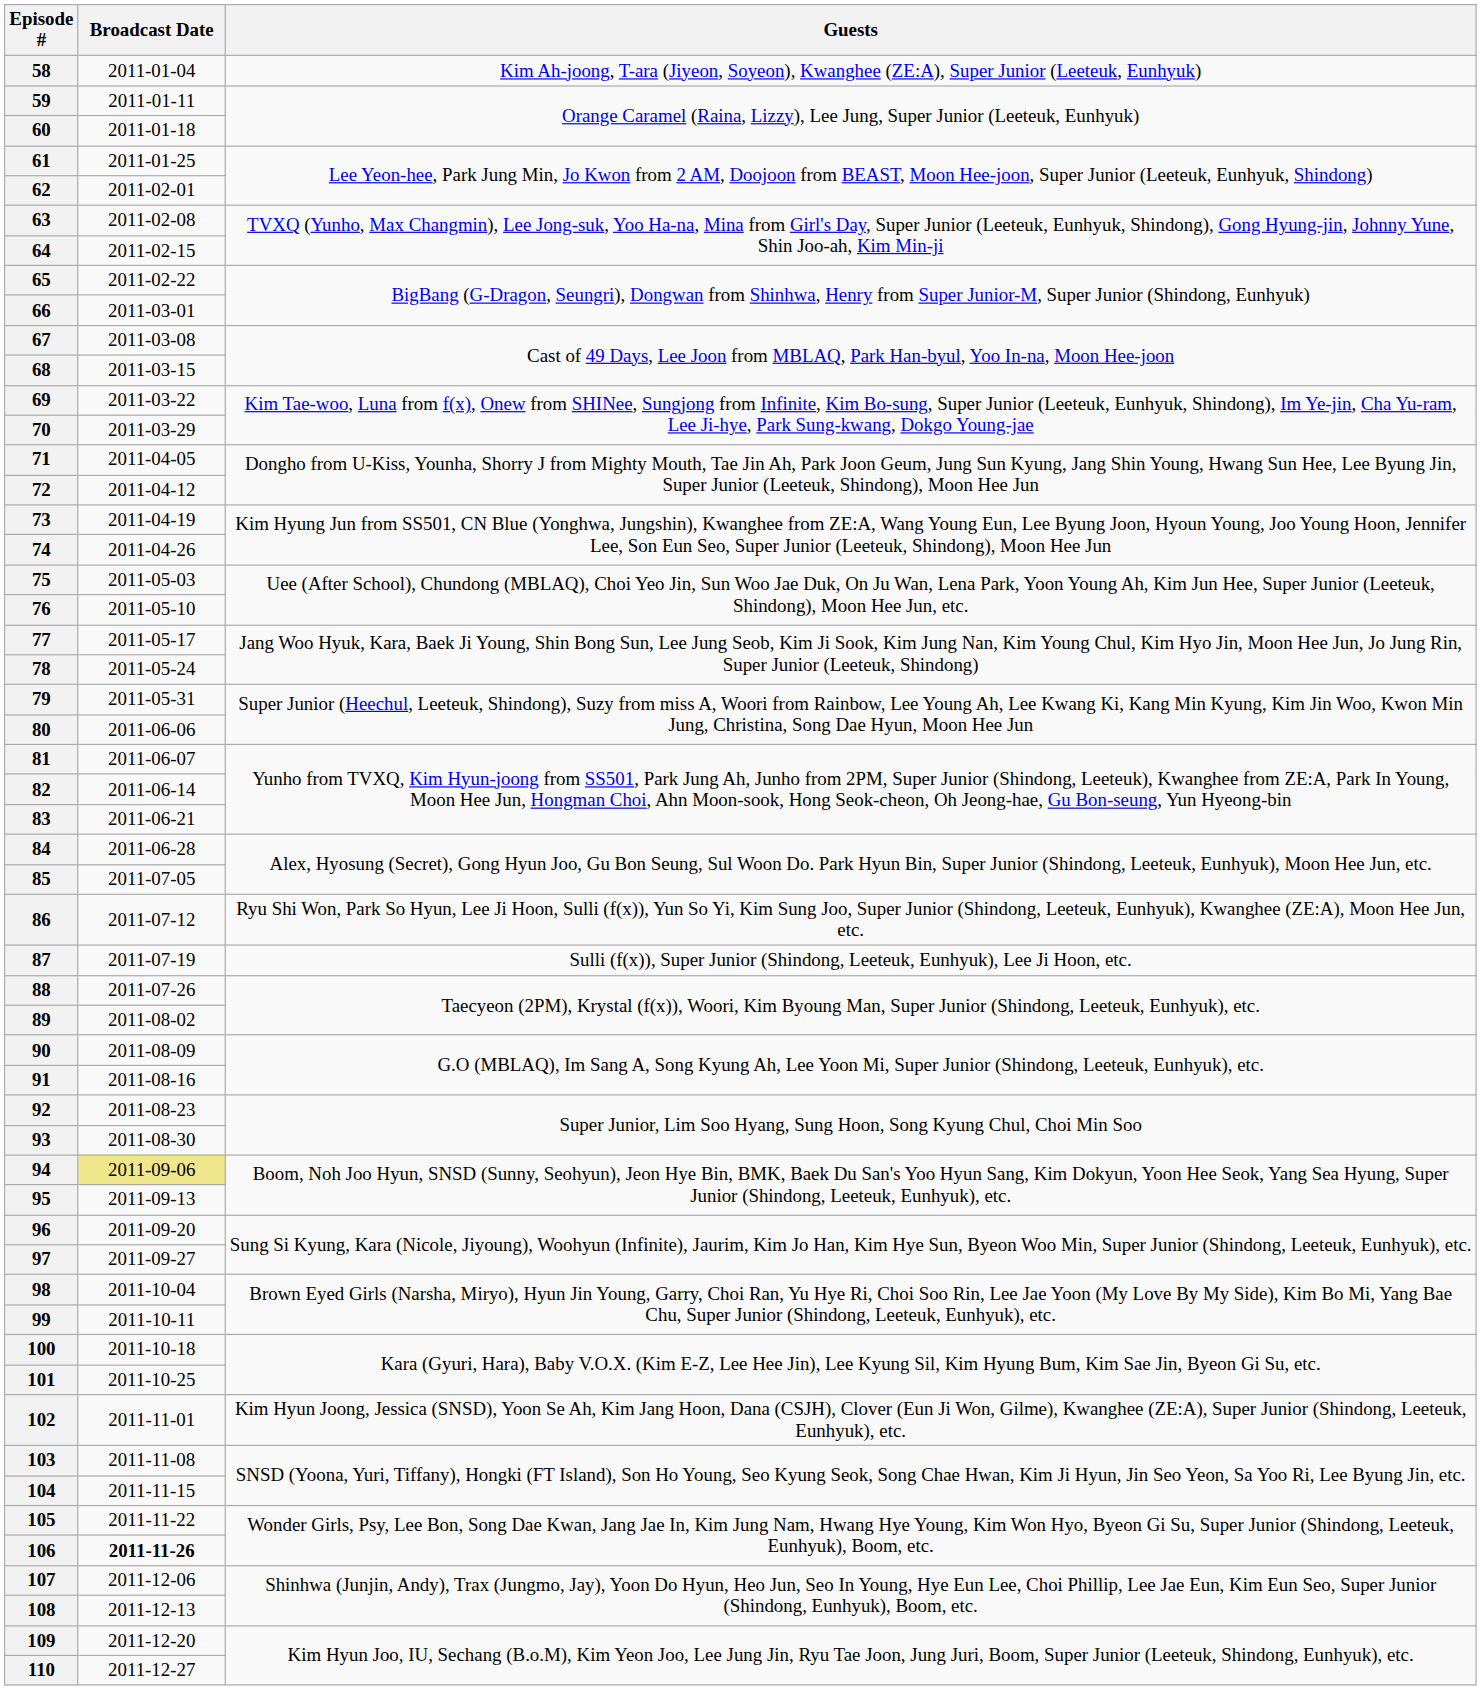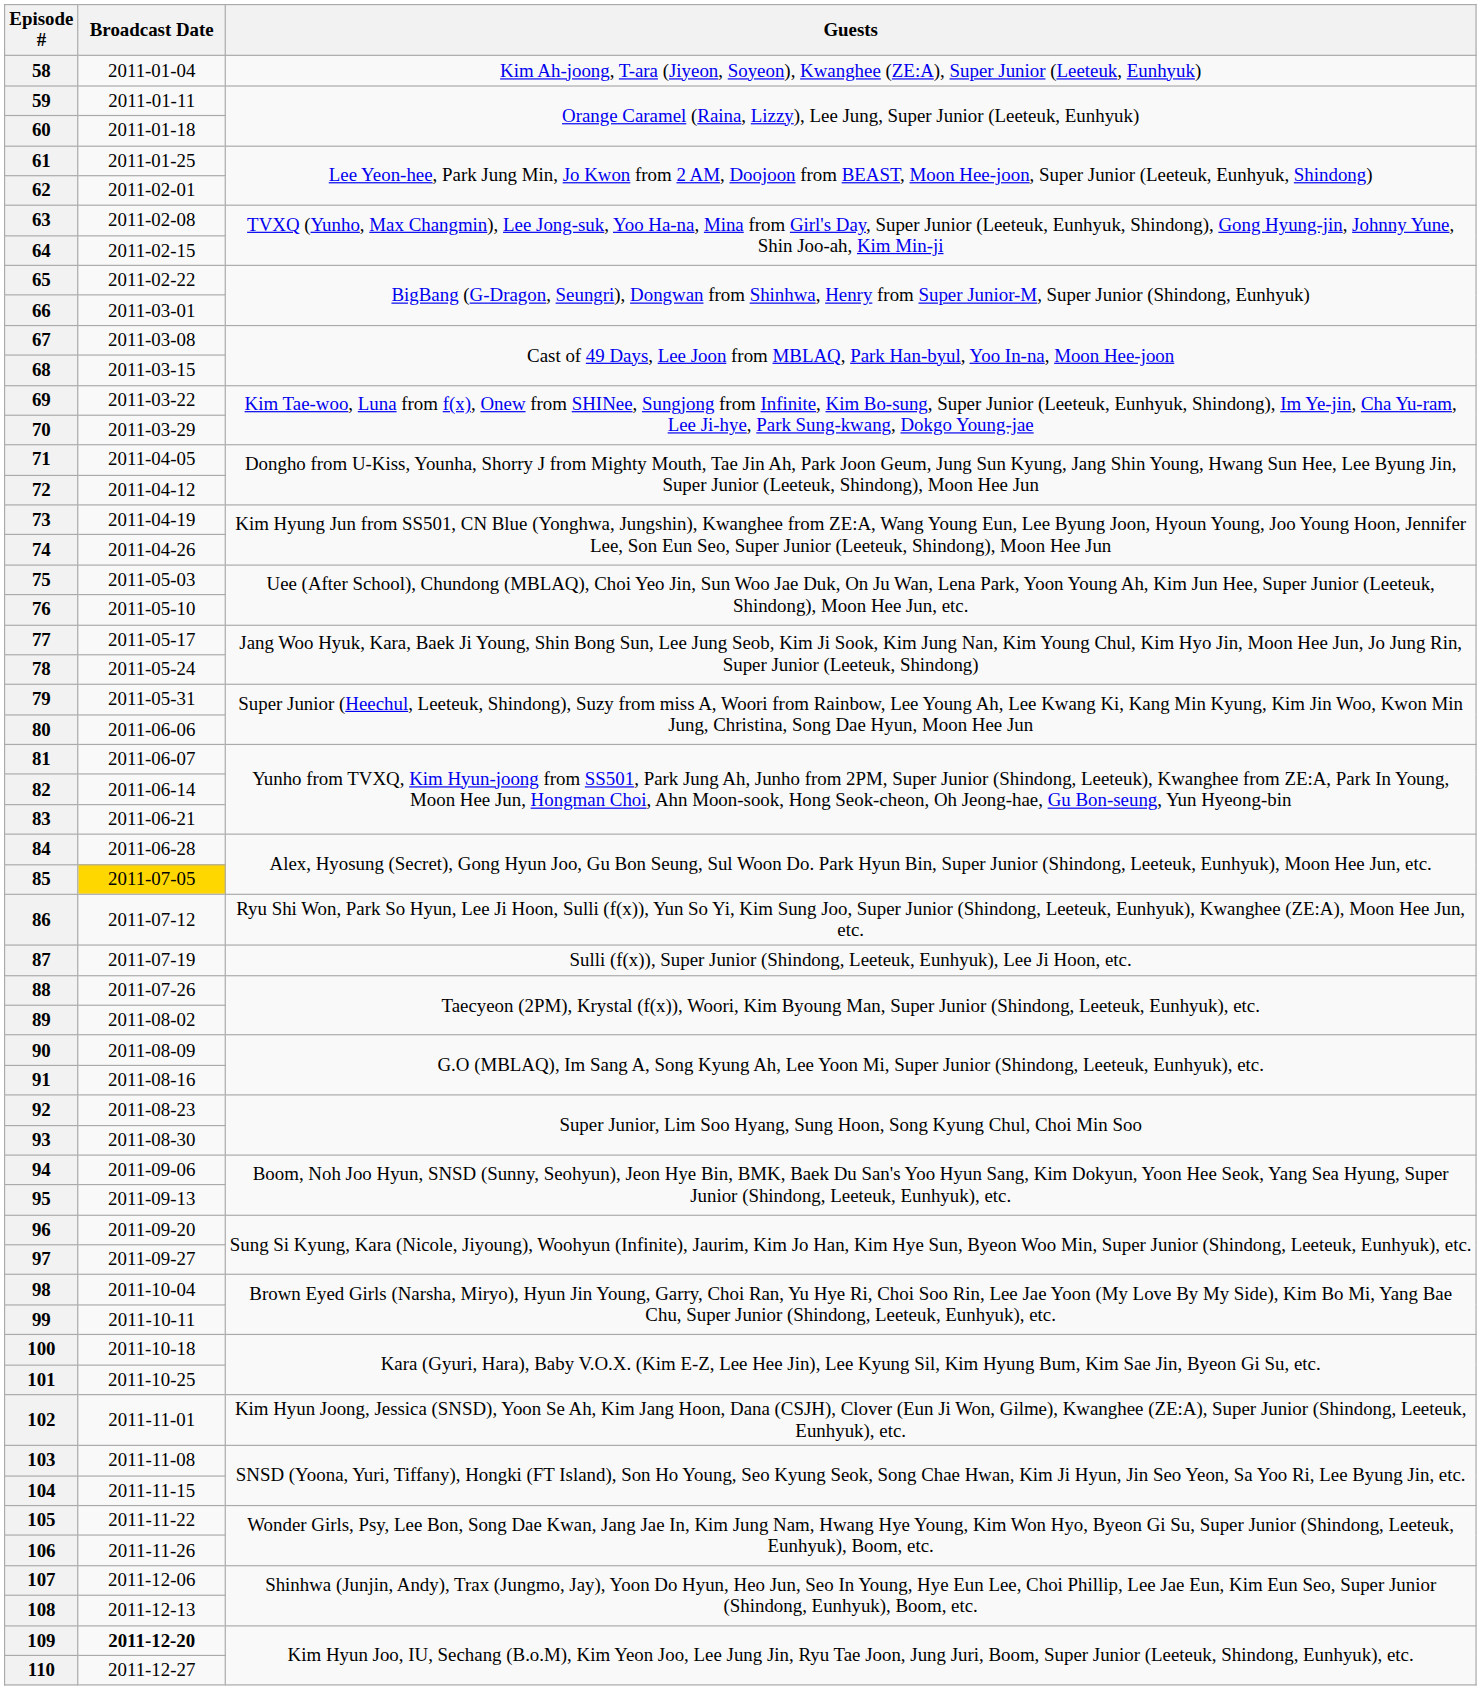 <table class="wikitable" style="text-align: center;">
 <tr>
 <th style="width:5%;">Episode #</th>
 <th style="width:10%;">Broadcast Date</th>
 <th style="width:300%;">Guests</th>
 </tr>
 <tr>
 <th>58</th>
 <td>2011-01-04</td>
 <td><a href='#'>Kim Ah-joong</a>, <a href='#'>T-ara</a> (<a href='#'>Jiyeon</a>, <a href='#'>Soyeon</a>), <a href='#'>Kwanghee</a> (<a href='#'>ZE:A</a>), <a href='#'>Super Junior</a> (<a href='#'>Leeteuk</a>, <a href='#'>Eunhyuk</a>)</td>
 </tr>
 <tr>
 <th>59</th>
 <td>2011-01-11</td>
 <td rowspan="2"><a href='#'>Orange Caramel</a> (<a href='#'>Raina</a>, <a href='#'>Lizzy</a>), Lee Jung, Super Junior (Leeteuk, Eunhyuk)</td>
 </tr>
 <tr>
 <th>60</th>
 <td>2011-01-18</td>
 </tr>
 <tr>
 <th>61</th>
 <td>2011-01-25</td>
 <td rowspan="2"><a href='#'>Lee Yeon-hee</a>, Park Jung Min, <a href='#'>Jo Kwon</a> from <a href='#'>2 AM</a>, <a href='#'>Doojoon</a> from <a href='#'>BEAST</a>, <a href='#'>Moon Hee-joon</a>, Super Junior (Leeteuk, Eunhyuk, <a href='#'>Shindong</a>)</td>
 </tr>
 <tr>
 <th>62</th>
 <td>2011-02-01</td>
 </tr>
 <tr>
 <th>63</th>
 <td>2011-02-08</td>
 <td rowspan="2"><a href='#'>TVXQ</a> (<a href='#'>Yunho</a>, <a href='#'>Max Changmin</a>), <a href='#'>Lee Jong-suk</a>, <a href='#'>Yoo Ha-na</a>, <a href='#'>Mina</a> from <a href='#'>Girl's Day</a>, Super Junior (Leeteuk, Eunhyuk, Shindong), <a href='#'>Gong Hyung-jin</a>, <a href='#'>Johnny Yune</a>, Shin Joo-ah, <a href='#'>Kim Min-ji</a></td>
 </tr>
 <tr>
 <th>64</th>
 <td>2011-02-15</td>
 </tr>
 <tr>
 <th>65</th>
 <td>2011-02-22</td>
 <td rowspan="2"><a href='#'>BigBang</a> (<a href='#'>G-Dragon</a>, <a href='#'>Seungri</a>), <a href='#'>Dongwan</a> from <a href='#'>Shinhwa</a>, <a href='#'>Henry</a> from <a href='#'>Super Junior-M</a>, Super Junior (Shindong, Eunhyuk)</td>
 </tr>
 <tr>
 <th>66</th>
 <td>2011-03-01</td>
 </tr>
 <tr>
 <th>67</th>
 <td>2011-03-08</td>
 <td rowspan="2">Cast of <a href='#'>49 Days</a>, <a href='#'>Lee Joon</a> from <a href='#'>MBLAQ</a>, <a href='#'>Park Han-byul</a>, <a href='#'>Yoo In-na</a>, <a href='#'>Moon Hee-joon</a></td>
 </tr>
 <tr>
 <th>68</th>
 <td>2011-03-15</td>
 </tr>
 <tr>
 <th>69</th>
 <td>2011-03-22</td>
 <td rowspan="2"><a href='#'>Kim Tae-woo</a>, <a href='#'>Luna</a> from <a href='#'>f(x)</a>, <a href='#'>Onew</a> from <a href='#'>SHINee</a>, <a href='#'>Sungjong</a> from <a href='#'>Infinite</a>, <a href='#'>Kim Bo-sung</a>, Super Junior (Leeteuk, Eunhyuk, Shindong), <a href='#'>Im Ye-jin</a>, <a href='#'>Cha Yu-ram</a>, <a href='#'>Lee Ji-hye</a>, <a href='#'>Park Sung-kwang</a>, <a href='#'>Dokgo Young-jae</a></td>
 </tr>
 <tr>
 <th>70</th>
 <td>2011-03-29</td>
 </tr>
 <tr>
 <th>71</th>
 <td>2011-04-05</td>
 <td rowspan="2">Dongho from U-Kiss, Younha, Shorry J from Mighty Mouth, Tae Jin Ah, Park Joon Geum, Jung Sun Kyung, Jang Shin Young, Hwang Sun Hee, Lee Byung Jin, Super Junior (Leeteuk, Shindong), Moon Hee Jun</td>
 </tr>
 <tr>
 <th>72</th>
 <td>2011-04-12</td>
 </tr>
 <tr>
 <th>73</th>
 <td>2011-04-19</td>
 <td rowspan="2">Kim Hyung Jun from SS501, CN Blue (Yonghwa, Jungshin), Kwanghee from ZE:A, Wang Young Eun, Lee Byung Joon, Hyoun Young, Joo Young Hoon, Jennifer Lee, Son Eun Seo, Super Junior (Leeteuk, Shindong), Moon Hee Jun</td>
 </tr>
 <tr>
 <th>74</th>
 <td>2011-04-26</td>
 </tr>
 <tr>
 <th>75</th>
 <td>2011-05-03</td>
 <td rowspan="2">Uee (After School), Chundong (MBLAQ), Choi Yeo Jin, Sun Woo Jae Duk, On Ju Wan, Lena Park, Yoon Young Ah, Kim Jun Hee, Super Junior (Leeteuk, Shindong), Moon Hee Jun, etc.</td>
 </tr>
 <tr>
 <th>76</th>
 <td>2011-05-10</td>
 </tr>
 <tr>
 <th>77</th>
 <td>2011-05-17</td>
 <td rowspan="2">Jang Woo Hyuk, Kara, Baek Ji Young, Shin Bong Sun, Lee Jung Seob, Kim Ji Sook, Kim Jung Nan, Kim Young Chul, Kim Hyo Jin, Moon Hee Jun, Jo Jung Rin, Super Junior (Leeteuk, Shindong)</td>
 </tr>
 <tr>
 <th>78</th>
 <td>2011-05-24</td>
 </tr>
 <tr>
 <th>79</th>
 <td>2011-05-31</td>
 <td rowspan="2">Super Junior (<a href='#'>Heechul</a>, Leeteuk, Shindong), Suzy from miss A, Woori from Rainbow, Lee Young Ah, Lee Kwang Ki, Kang Min Kyung, Kim Jin Woo, Kwon Min Jung, Christina, Song Dae Hyun, Moon Hee Jun</td>
 </tr>
 <tr>
 <th>80</th>
 <td>2011-06-06</td>
 </tr>
 <tr>
 <th>81</th>
 <td>2011-06-07</td>
 <td rowspan="3">Yunho from TVXQ, <a href='#'>Kim Hyun-joong</a> from <a href='#'>SS501</a>, Park Jung Ah, Junho from 2PM, Super Junior (Shindong, Leeteuk), Kwanghee from ZE:A, Park In Young, Moon Hee Jun, <a href='#'>Hongman Choi</a>, Ahn Moon-sook, Hong Seok-cheon, Oh Jeong-hae, <a href='#'>Gu Bon-seung</a>, Yun Hyeong-bin</td>
 </tr>
 <tr>
 <th>82</th>
 <td>2011-06-14</td>
 </tr>
 <tr>
 <th>83</th>
 <td>2011-06-21</td>
 </tr>
 <tr>
 <th>84</th>
 <td>2011-06-28</td>
 <td rowspan="2">Alex, Hyosung (Secret), Gong Hyun Joo, Gu Bon Seung, Sul Woon Do. Park Hyun Bin, Super Junior (Shindong, Leeteuk, Eunhyuk), Moon Hee Jun, etc.</td>
 </tr>
 <tr>
 <th>85</th>
-<td>2011-07-05</td>
+<td style="background: gold;">2011-07-05</td>
 </tr>
 <tr>
 <th>86</th>
 <td>2011-07-12</td>
 <td>Ryu Shi Won, Park So Hyun, Lee Ji Hoon, Sulli (f(x)), Yun So Yi, Kim Sung Joo, Super Junior (Shindong, Leeteuk, Eunhyuk), Kwanghee (ZE:A), Moon Hee Jun, etc.</td>
 </tr>
 <tr>
 <th>87</th>
 <td>2011-07-19</td>
 <td>Sulli (f(x)), Super Junior (Shindong, Leeteuk, Eunhyuk), Lee Ji Hoon, etc.</td>
 </tr>
 <tr>
 <th>88</th>
 <td>2011-07-26</td>
 <td rowspan="2">Taecyeon (2PM), Krystal (f(x)), Woori, Kim Byoung Man, Super Junior (Shindong, Leeteuk, Eunhyuk), etc.</td>
 </tr>
 <tr>
 <th>89</th>
 <td>2011-08-02</td>
 </tr>
 <tr>
 <th>90</th>
 <td>2011-08-09</td>
 <td rowspan="2">G.O (MBLAQ), Im Sang A, Song Kyung Ah, Lee Yoon Mi, Super Junior (Shindong, Leeteuk, Eunhyuk), etc.</td>
 </tr>
 <tr>
 <th>91</th>
 <td>2011-08-16</td>
 </tr>
 <tr>
 <th>92</th>
 <td>2011-08-23</td>
 <td rowspan="2">Super Junior, Lim Soo Hyang, Sung Hoon, Song Kyung Chul, Choi Min Soo</td>
 </tr>
 <tr>
 <th>93</th>
 <td>2011-08-30</td>
 </tr>
 <tr>
 <th>94</th>
-<td style="background: khaki;">2011-09-06</td>
+<td>2011-09-06</td>
 <td rowspan="2">Boom, Noh Joo Hyun, SNSD (Sunny, Seohyun), Jeon Hye Bin, BMK, Baek Du San's Yoo Hyun Sang, Kim Dokyun, Yoon Hee Seok, Yang Sea Hyung, Super Junior (Shindong, Leeteuk, Eunhyuk), etc.</td>
 </tr>
 <tr>
 <th>95</th>
 <td>2011-09-13</td>
 </tr>
 <tr>
 <th>96</th>
 <td>2011-09-20</td>
 <td rowspan="2">Sung Si Kyung, Kara (Nicole, Jiyoung), Woohyun (Infinite), Jaurim, Kim Jo Han, Kim Hye Sun, Byeon Woo Min, Super Junior (Shindong, Leeteuk, Eunhyuk), etc.</td>
 </tr>
 <tr>
 <th>97</th>
 <td>2011-09-27</td>
 </tr>
 <tr>
 <th>98</th>
 <td>2011-10-04</td>
 <td rowspan="2">Brown Eyed Girls (Narsha, Miryo), Hyun Jin Young, Garry, Choi Ran, Yu Hye Ri, Choi Soo Rin, Lee Jae Yoon (My Love By My Side), Kim Bo Mi, Yang Bae Chu, Super Junior (Shindong, Leeteuk, Eunhyuk), etc.</td>
 </tr>
 <tr>
 <th>99</th>
 <td>2011-10-11</td>
 </tr>
 <tr>
 <th>100</th>
 <td>2011-10-18</td>
 <td rowspan="2">Kara (Gyuri, Hara), Baby V.O.X. (Kim E-Z, Lee Hee Jin), Lee Kyung Sil, Kim Hyung Bum, Kim Sae Jin, Byeon Gi Su, etc.</td>
 </tr>
 <tr>
 <th>101</th>
 <td>2011-10-25</td>
 </tr>
 <tr>
 <th>102</th>
 <td>2011-11-01</td>
 <td>Kim Hyun Joong, Jessica (SNSD), Yoon Se Ah, Kim Jang Hoon, Dana (CSJH), Clover (Eun Ji Won, Gilme), Kwanghee (ZE:A), Super Junior (Shindong, Leeteuk, Eunhyuk), etc.</td>
 </tr>
 <tr>
 <th>103</th>
 <td>2011-11-08</td>
 <td rowspan="2">SNSD (Yoona, Yuri, Tiffany), Hongki (FT Island), Son Ho Young, Seo Kyung Seok, Song Chae Hwan, Kim Ji Hyun, Jin Seo Yeon, Sa Yoo Ri, Lee Byung Jin, etc.</td>
 </tr>
 <tr>
 <th>104</th>
 <td>2011-11-15</td>
 </tr>
 <tr>
 <th>105</th>
 <td>2011-11-22</td>
 <td rowspan="2">Wonder Girls, Psy, Lee Bon, Song Dae Kwan, Jang Jae In, Kim Jung Nam, Hwang Hye Young, Kim Won Hyo, Byeon Gi Su, Super Junior (Shindong, Leeteuk, Eunhyuk), Boom, etc.</td>
 </tr>
 <tr>
 <th>106</th>
-<td><strong>2011-11-26</strong></td>
+<td>2011-11-26</td>
 </tr>
 <tr>
 <th>107</th>
 <td>2011-12-06</td>
 <td rowspan="2">Shinhwa (Junjin, Andy), Trax (Jungmo, Jay), Yoon Do Hyun, Heo Jun, Seo In Young, Hye Eun Lee, Choi Phillip, Lee Jae Eun, Kim Eun Seo, Super Junior (Shindong, Eunhyuk), Boom, etc.</td>
 </tr>
 <tr>
 <th>108</th>
 <td>2011-12-13</td>
 </tr>
 <tr>
 <th>109</th>
-<td>2011-12-20</td>
+<td><strong>2011-12-20</strong></td>
 <td rowspan="2">Kim Hyun Joo, IU, Sechang (B.o.M), Kim Yeon Joo, Lee Jung Jin, Ryu Tae Joon, Jung Juri, Boom, Super Junior (Leeteuk, Shindong, Eunhyuk), etc.</td>
 </tr>
 <tr>
 <th>110</th>
 <td>2011-12-27</td>
 </tr>
 </table>
